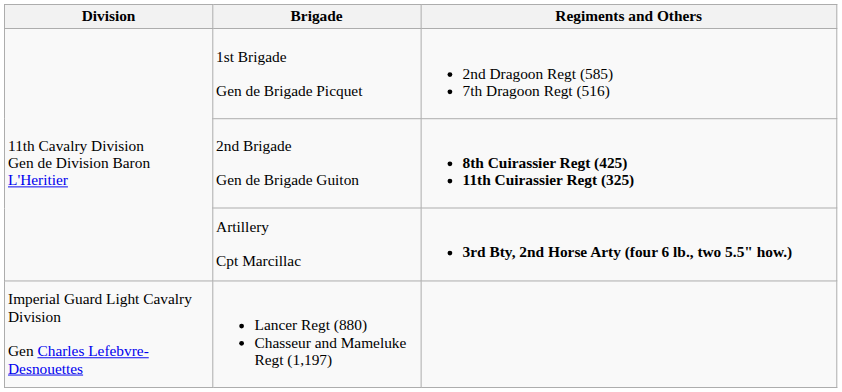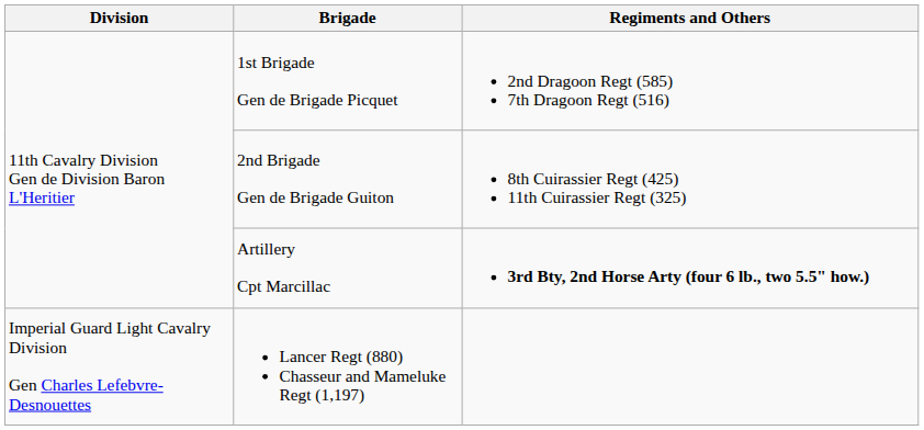 <table class="wikitable">
 <tr>
 <th width=25%>Division</th>
 <th width=25%>Brigade</th>
 <th>Regiments and Others</th>
 </tr>
 <tr>
 <td rowspan=3><br>11th Cavalry Division <br> Gen de Division Baron <a href='#'>L'Heritier</a></td>
 <td>1st Brigade<br><br> Gen de Brigade Picquet</td>
 <td><br><ul><li>2nd Dragoon Regt (585)</li><li>7th Dragoon Regt (516)</li></ul></td>
 </tr>
 <tr>
 <td>2nd Brigade<br><br> Gen de Brigade Guiton</td>
-<td><strong><br><ul><li>8th Cuirassier Regt (425)</li><li>11th Cuirassier Regt (325)</li></ul></strong></td>
+<td><br><ul><li>8th Cuirassier Regt (425)</li><li>11th Cuirassier Regt (325)</li></ul></td>
 </tr>
 <tr>
 <td>Artillery<br><br> Cpt Marcillac</td>
 <td><strong><br><ul><li>3rd Bty, 2nd Horse Arty (four 6 lb., two 5.5" how.)</li></ul></strong></td>
 </tr>
 <tr>
 <td>Imperial Guard Light Cavalry Division<br><br> Gen <a href='#'>Charles Lefebvre-Desnouettes</a></td>
 <td><br><ul><li>Lancer Regt (880)</li><li>Chasseur and Mameluke Regt (1,197)</li></ul></td>
 </tr>
 </table>
